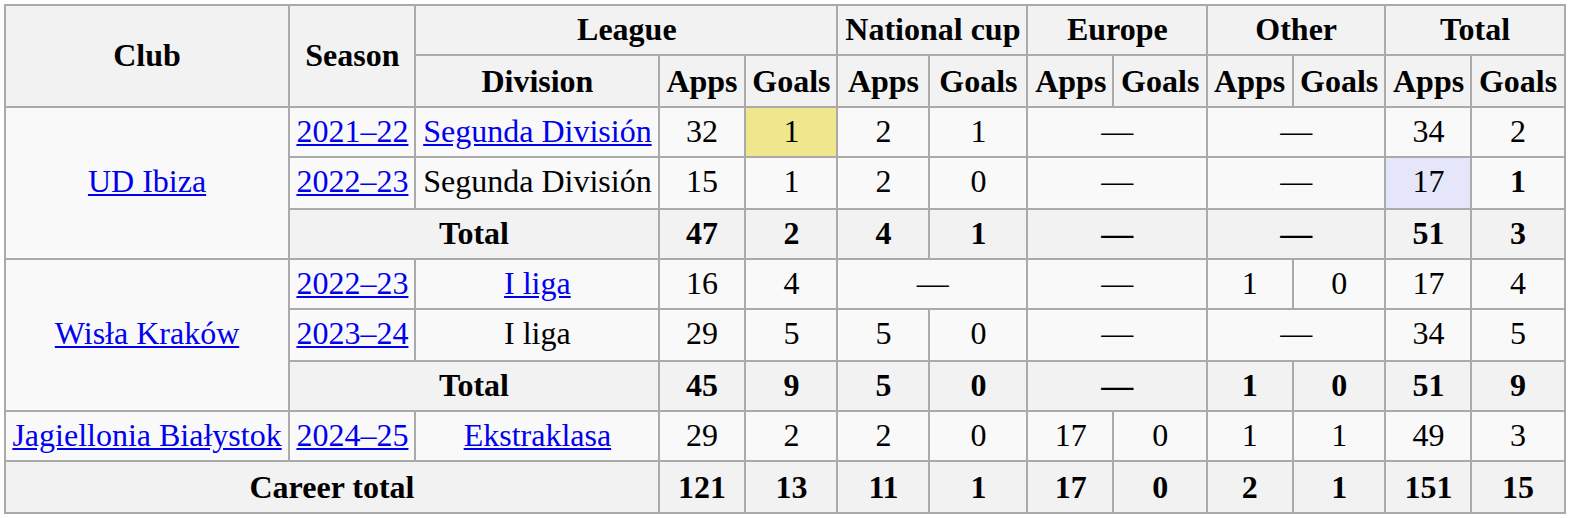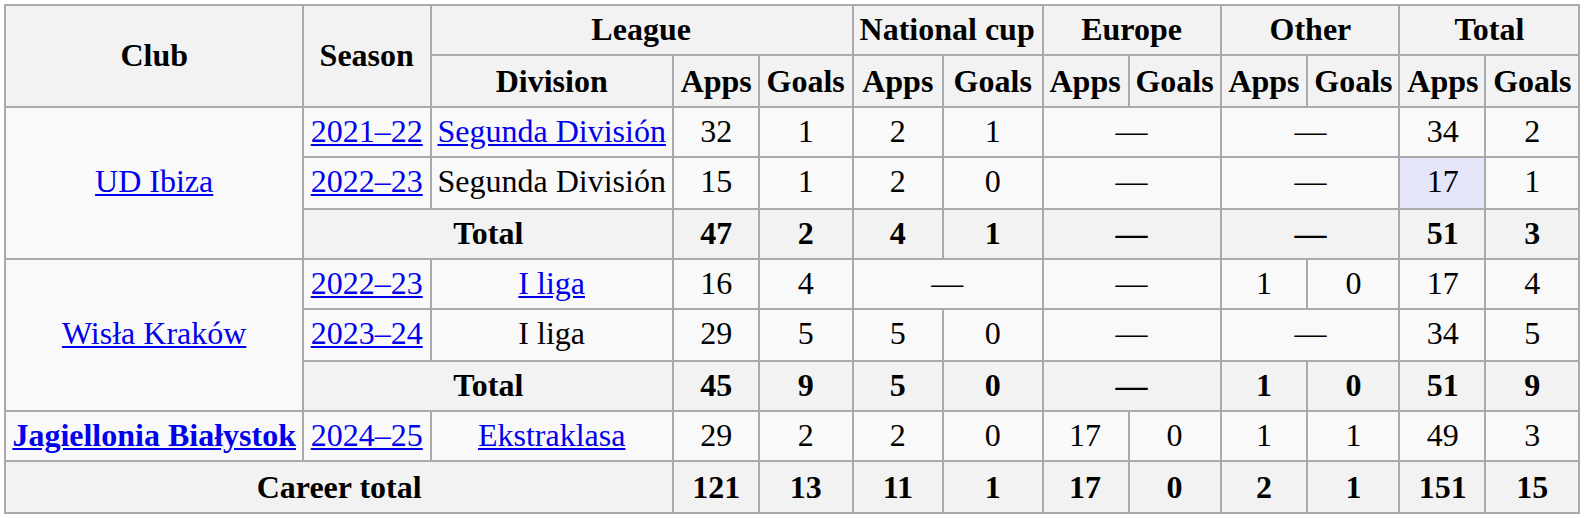 <table class="wikitable" style="text-align: center">
 <tr>
 <th rowspan="2">Club</th>
 <th rowspan="2">Season</th>
 <th colspan="3">League</th>
 <th colspan="2">National cup</th>
 <th colspan="2">Europe</th>
 <th colspan="2">Other</th>
 <th colspan="2">Total</th>
 </tr>
 <tr>
 <th>Division</th>
 <th>Apps</th>
 <th>Goals</th>
 <th>Apps</th>
 <th>Goals</th>
 <th>Apps</th>
 <th>Goals</th>
 <th>Apps</th>
 <th>Goals</th>
 <th>Apps</th>
 <th>Goals</th>
 </tr>
 <tr>
 <td rowspan="3"><a href='#'>UD Ibiza</a></td>
 <td><a href='#'>2021–22</a></td>
 <td><a href='#'>Segunda División</a></td>
 <td>32</td>
-<td style="background: khaki;">1</td>
+<td>1</td>
 <td>2</td>
 <td>1</td>
 <td colspan="2">—</td>
 <td colspan="2">—</td>
 <td>34</td>
 <td>2</td>
 </tr>
 <tr>
 <td><a href='#'>2022–23</a></td>
 <td>Segunda División</td>
 <td>15</td>
 <td>1</td>
 <td>2</td>
 <td>0</td>
 <td colspan="2">—</td>
 <td colspan="2">—</td>
 <td style="background: lavender;">17</td>
-<td><strong>1</strong></td>
+<td>1</td>
 </tr>
 <tr>
 <th colspan="2">Total</th>
 <th>47</th>
 <th>2</th>
 <th>4</th>
 <th>1</th>
 <th colspan="2">—</th>
 <th colspan="2">—</th>
 <th>51</th>
 <th>3</th>
 </tr>
 <tr>
 <td rowspan="3"><a href='#'>Wisła Kraków</a></td>
 <td><a href='#'>2022–23</a></td>
 <td><a href='#'>I liga</a></td>
 <td>16</td>
 <td>4</td>
 <td colspan="2">—</td>
 <td colspan="2">—</td>
 <td>1</td>
 <td>0</td>
 <td>17</td>
 <td>4</td>
 </tr>
 <tr>
 <td><a href='#'>2023–24</a></td>
 <td>I liga</td>
 <td>29</td>
 <td>5</td>
 <td>5</td>
 <td>0</td>
 <td colspan="2">—</td>
 <td colspan="2">—</td>
 <td>34</td>
 <td>5</td>
 </tr>
 <tr>
 <th colspan="2">Total</th>
 <th>45</th>
 <th>9</th>
 <th>5</th>
 <th>0</th>
 <th colspan="2">—</th>
 <th>1</th>
 <th>0</th>
 <th>51</th>
 <th>9</th>
 </tr>
 <tr>
-<td><a href='#'>Jagiellonia Białystok</a></td>
+<td><strong><a href='#'>Jagiellonia Białystok</a></strong></td>
 <td><a href='#'>2024–25</a></td>
 <td><a href='#'>Ekstraklasa</a></td>
 <td>29</td>
 <td>2</td>
 <td>2</td>
 <td>0</td>
 <td>17</td>
 <td>0</td>
 <td>1</td>
 <td>1</td>
 <td>49</td>
 <td>3</td>
 </tr>
 <tr>
 <th colspan="3">Career total</th>
 <th>121</th>
 <th>13</th>
 <th>11</th>
 <th>1</th>
 <th>17</th>
 <th>0</th>
 <th>2</th>
 <th>1</th>
 <th>151</th>
 <th>15</th>
 </tr>
 </table>
